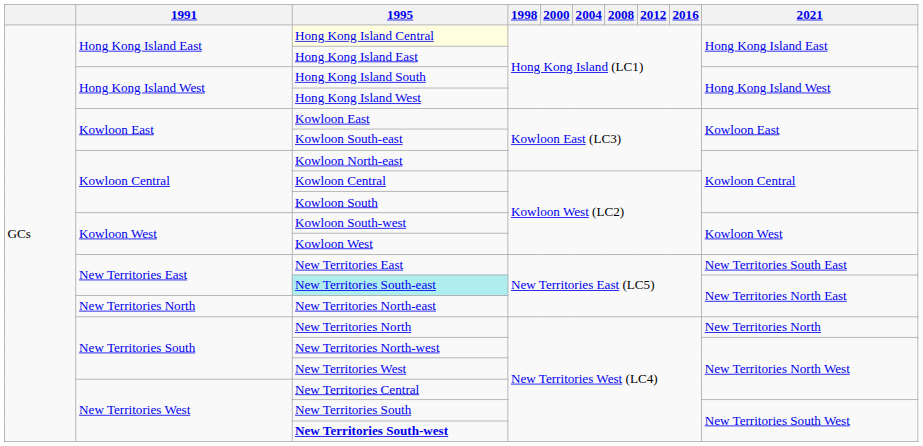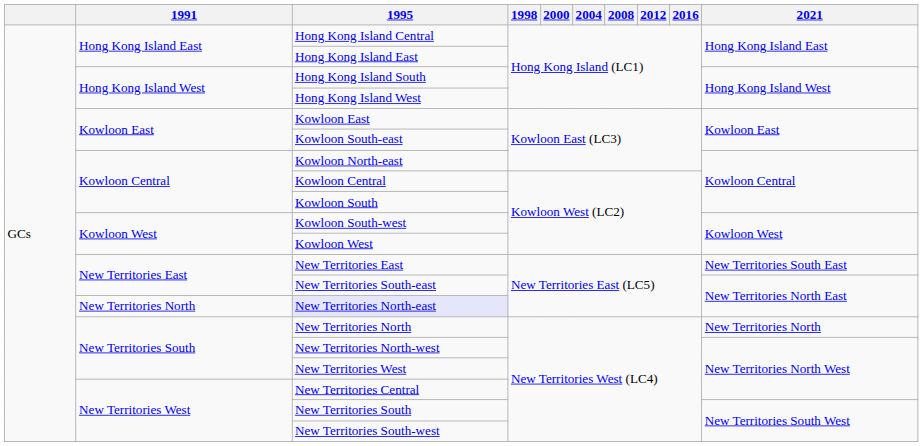 <table class="wikitable">
 <tr>
 <th style=width:5em></th>
 <th style=width:16em><a href='#'>1991</a></th>
 <th style=width:16em><a href='#'>1995</a></th>
 <th style=width:2em><a href='#'>1998</a></th>
 <th style=width:2em><a href='#'>2000</a></th>
 <th style=width:2em><a href='#'>2004</a></th>
 <th style=width:2em><a href='#'>2008</a></th>
 <th style=width:2em><a href='#'>2012</a></th>
 <th style=width:2em><a href='#'>2016</a></th>
 <th style=width:16em><a href='#'>2021</a></th>
 </tr>
 <tr>
 <td rowspan="28">GCs</td>
 <td rowspan="3"><a href='#'>Hong Kong Island East</a></td>
-<td style="background: lightyellow;"><a href='#'>Hong Kong Island Central</a></td>
+<td><a href='#'>Hong Kong Island Central</a></td>
 <td colspan="6" rowspan="5"><a href='#'>Hong Kong Island</a> (LC1)</td>
 <td rowspan="3"><a href='#'>Hong Kong Island East</a></td>
 </tr>
 <tr>
 <td><a href='#'>Hong Kong Island East</a></td>
 </tr>
 <tr>
 <td rowspan="2"><a href='#'>Hong Kong Island South</a></td>
 </tr>
 <tr>
 <td rowspan="2"><a href='#'>Hong Kong Island West</a></td>
 <td rowspan="2"><a href='#'>Hong Kong Island West</a></td>
 </tr>
 <tr>
 <td><a href='#'>Hong Kong Island West</a></td>
 </tr>
 <tr>
 <td rowspan="2"><a href='#'>Kowloon East</a></td>
 <td><a href='#'>Kowloon East</a></td>
 <td colspan="6" rowspan="5"><a href='#'>Kowloon East</a>  (LC3)</td>
 <td rowspan="3"><a href='#'>Kowloon East</a></td>
 </tr>
 <tr>
 <td><a href='#'>Kowloon South-east</a></td>
 </tr>
 <tr>
 <td rowspan="6"><a href='#'>Kowloon Central</a></td>
 <td rowspan="2"><a href='#'>Kowloon North-east</a></td>
 </tr>
 <tr>
 <td rowspan="4"><a href='#'>Kowloon Central</a></td>
 </tr>
 <tr>
 <td rowspan="2"><a href='#'>Kowloon Central</a></td>
 </tr>
 <tr>
 <td colspan="6" rowspan="5"><a href='#'>Kowloon West</a>  (LC2)</td>
 </tr>
 <tr>
 <td><a href='#'>Kowloon South</a></td>
 </tr>
 <tr>
 <td rowspan="2"><a href='#'>Kowloon South-west</a></td>
 <td rowspan="3"><a href='#'>Kowloon West</a></td>
 </tr>
 <tr>
 <td rowspan="2"><a href='#'>Kowloon West</a></td>
 </tr>
 <tr>
 <td><a href='#'>Kowloon West</a></td>
 </tr>
 <tr>
 <td rowspan="3"><a href='#'>New Territories East</a></td>
 <td rowspan="2"><a href='#'>New Territories East</a></td>
 <td colspan="6" rowspan="5"><a href='#'>New Territories East</a>  (LC5)</td>
 <td><a href='#'>New Territories South East</a></td>
 </tr>
 <tr>
 <td rowspan="3"><a href='#'>New Territories North East</a></td>
 </tr>
 <tr>
-<td style="background: paleturquoise;"><a href='#'>New Territories South-east</a></td>
+<td><a href='#'>New Territories South-east</a></td>
 </tr>
 <tr>
 <td rowspan="2"><a href='#'>New Territories North</a></td>
-<td><a href='#'>New Territories North-east</a></td>
+<td style="background: lavender;"><a href='#'>New Territories North-east</a></td>
 </tr>
 <tr>
 <td rowspan="2"><a href='#'>New Territories North</a></td>
 <td rowspan="3"><a href='#'>New Territories North</a></td>
 </tr>
 <tr>
 <td rowspan="5"><a href='#'>New Territories South</a></td>
 <td colspan="6" rowspan="8"><a href='#'>New Territories West</a>  (LC4)</td>
 </tr>
 <tr>
 <td rowspan="2"><a href='#'>New Territories North-west</a></td>
 </tr>
 <tr>
 <td rowspan="4"><a href='#'>New Territories North West</a></td>
 </tr>
 <tr>
 <td><a href='#'>New Territories West</a></td>
 </tr>
 <tr>
 <td rowspan="2"><a href='#'>New Territories Central</a></td>
 </tr>
 <tr>
 <td rowspan="3"><a href='#'>New Territories West</a></td>
 </tr>
 <tr>
 <td><a href='#'>New Territories South</a></td>
 <td rowspan="2"><a href='#'>New Territories South West</a></td>
 </tr>
 <tr>
-<td><strong><a href='#'>New Territories South-west</a></strong></td>
+<td><a href='#'>New Territories South-west</a></td>
 </tr>
 </table>
